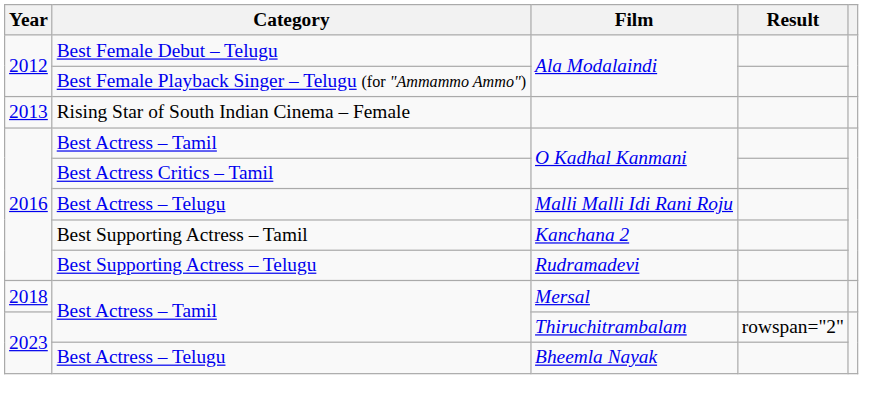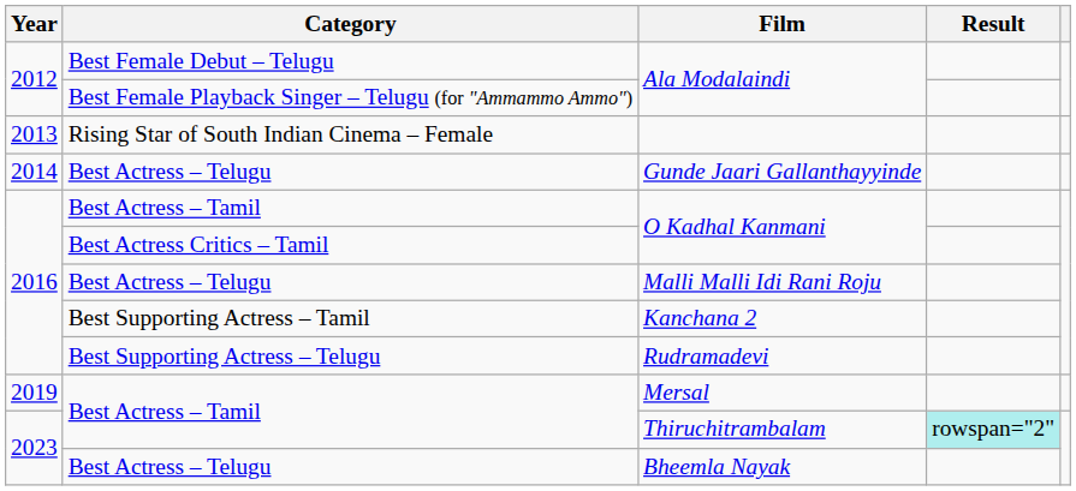 <table class="wikitable sortable plainrowheaders">
 <tr>
 <th scope="col">Year</th>
 <th scope="col">Category</th>
 <th scope="col">Film</th>
 <th scope="col">Result</th>
 <th scope="col" class="unsortable"></th>
 </tr>
 <tr>
 <td rowspan="2"><a href='#'>2012</a></td>
 <td><a href='#'>Best Female Debut – Telugu</a></td>
 <td rowspan="2"><em><a href='#'>Ala Modalaindi</a></em></td>
 <td></td>
 <td rowspan="2"></td>
 </tr>
 <tr>
 <td><a href='#'>Best Female Playback Singer – Telugu</a> <small>(for <em>"Ammammo Ammo"</em>)</small></td>
 <td></td>
 </tr>
 <tr>
 <td><a href='#'>2013</a></td>
 <td>Rising Star of South Indian Cinema – Female</td>
 <td></td>
+<td></td>
+<td></td>
+</tr>
+<tr>
+<td><a href='#'>2014</a></td>
+<td><a href='#'>Best Actress – Telugu</a></td>
+<td><em><a href='#'>Gunde Jaari Gallanthayyinde</a></em></td>
 <td></td>
 <td></td>
 </tr>
 <tr>
 <td rowspan="5"><a href='#'>2016</a></td>
 <td><a href='#'>Best Actress – Tamil</a></td>
 <td rowspan="2"><em><a href='#'>O Kadhal Kanmani</a></em></td>
 <td></td>
 <td rowspan="5"></td>
 </tr>
 <tr>
 <td><a href='#'>Best Actress Critics – Tamil</a></td>
 <td></td>
 </tr>
 <tr>
 <td><a href='#'>Best Actress – Telugu</a></td>
 <td><em><a href='#'>Malli Malli Idi Rani Roju</a></em></td>
 <td></td>
 </tr>
 <tr>
 <td>Best Supporting Actress – Tamil</td>
 <td><em><a href='#'>Kanchana 2</a></em></td>
 <td></td>
 </tr>
 <tr>
 <td><a href='#'>Best Supporting Actress – Telugu</a></td>
 <td><em><a href='#'>Rudramadevi</a></em></td>
 <td></td>
 </tr>
 <tr>
-<td><a href='#'>2018</a></td>
+<td><a href='#'>2019</a></td>
 <td rowspan="2"><a href='#'>Best Actress – Tamil</a></td>
 <td><em><a href='#'>Mersal</a></em></td>
 <td></td>
 <td></td>
 </tr>
 <tr>
 <td rowspan="2"><a href='#'>2023</a></td>
 <td><em><a href='#'>Thiruchitrambalam</a></em></td>
-<td>rowspan="2" </td>
+<td style="background: paleturquoise;">rowspan="2" </td>
 <td rowspan="2"></td>
 </tr>
 <tr>
 <td><a href='#'>Best Actress – Telugu</a></td>
 <td><em><a href='#'>Bheemla Nayak</a></em></td>
 </tr>
 </table>
